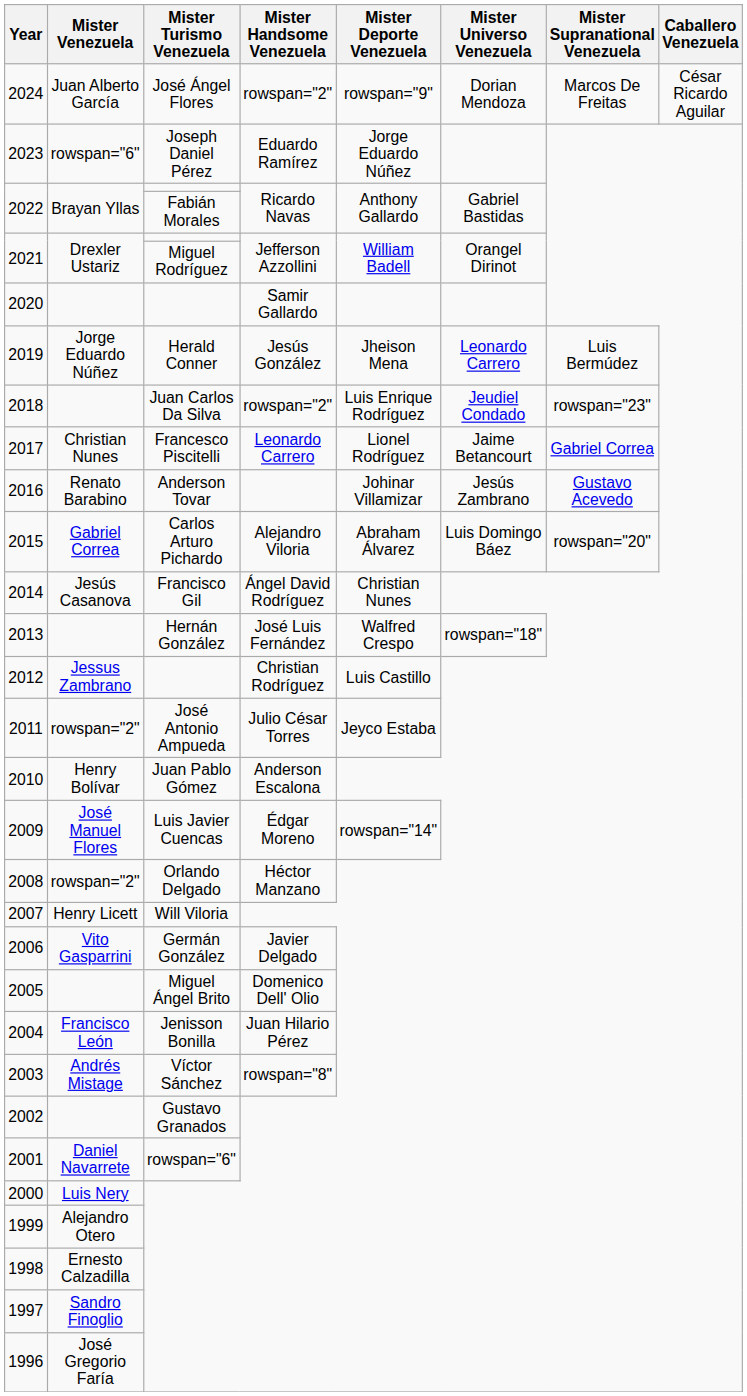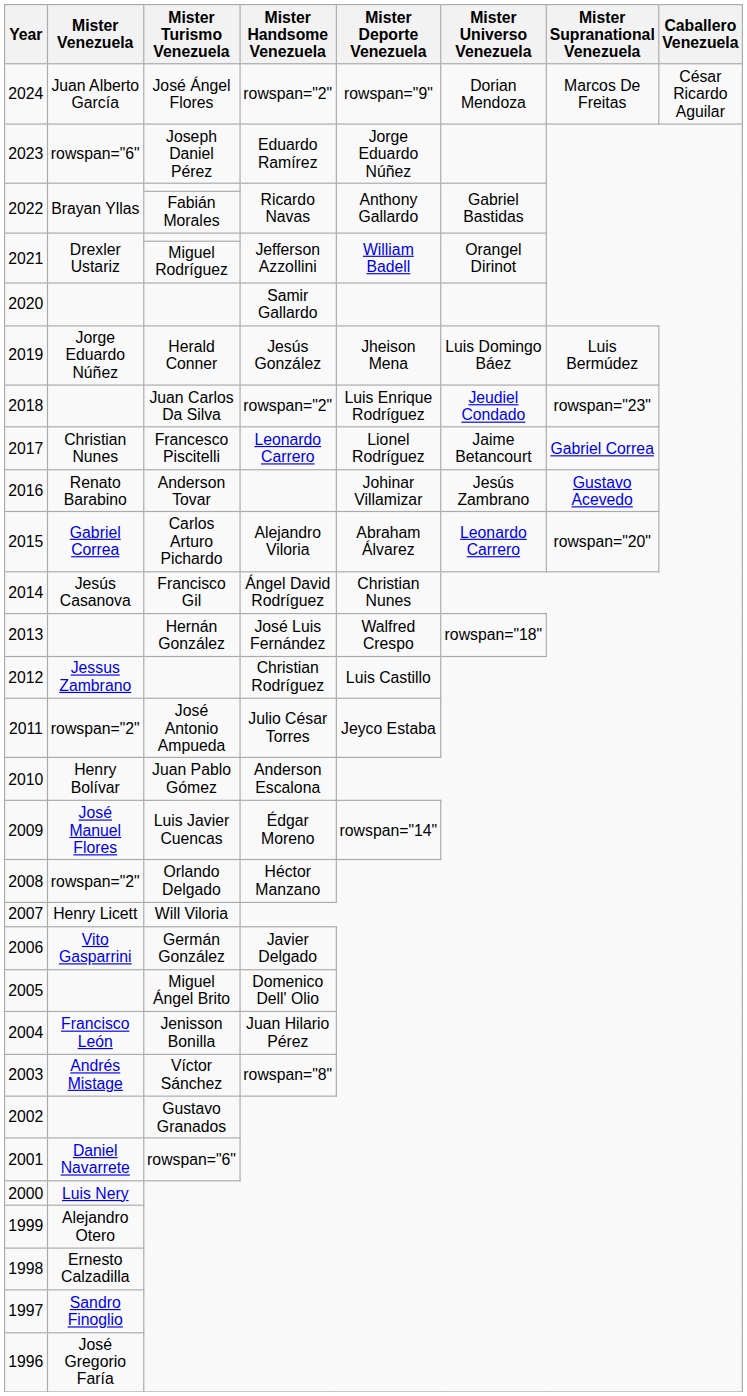 <table class="wikitable" style="font-size: 85%; text-align:center;" |>
 <tr>
 <th width="5%">Year</th>
 <th width="10%">Mister Venezuela<br></th>
 <th width="10%">Mister Turismo Venezuela<br></th>
 <th width="10%">Mister Handsome Venezuela<br></th>
 <th width="10%">Mister Deporte Venezuela<br></th>
 <th width="10%">Mister Universo Venezuela<br></th>
 <th width="10%">Mister Supranational Venezuela<br></th>
 <th width="10%">Caballero Venezuela<br></th>
 </tr>
 <tr>
 <td>2024</td>
 <td>Juan Alberto García<br></td>
 <td>José Ángel Flores<br></td>
 <td>rowspan="2" </td>
 <td>rowspan="9" </td>
 <td>Dorian Mendoza<br></td>
 <td>Marcos De Freitas<br></td>
 <td>César Ricardo Aguilar<br></td>
 </tr>
 <tr>
 <td>2023</td>
 <td>rowspan="6" </td>
 <td>Joseph Daniel Pérez<br></td>
 <td>Eduardo Ramírez<br></td>
 <td>Jorge Eduardo Núñez<br></td>
 <td></td>
 </tr>
 <tr>
 <td rowspan="2">2022</td>
 <td rowspan="2">Brayan Yllas<br></td>
 <td></td>
 <td rowspan="2">Ricardo Navas<br></td>
 <td rowspan="2">Anthony Gallardo<br></td>
 <td rowspan="2">Gabriel Bastidas<br></td>
 </tr>
 <tr>
 <td>Fabián Morales<br></td>
 </tr>
 <tr>
 <td rowspan="2">2021</td>
 <td rowspan="2">Drexler Ustariz<br></td>
 <td></td>
 <td rowspan="2">Jefferson Azzollini<br></td>
 <td rowspan="2"><a href='#'>William Badell</a><br></td>
 <td rowspan="2">Orangel Dirinot<br></td>
 </tr>
 <tr>
 <td>Miguel Rodríguez<br></td>
 </tr>
 <tr>
 <td>2020</td>
 <td></td>
 <td></td>
 <td>Samir Gallardo<br></td>
 <td></td>
 <td></td>
 </tr>
 <tr>
 <td>2019</td>
 <td>Jorge Eduardo Núñez<br></td>
 <td>Herald Conner<br></td>
 <td>Jesús González<br></td>
 <td>Jheison Mena<br></td>
-<td><a href='#'>Leonardo Carrero</a><br></td>
+<td>Luis Domingo Báez<br></td>
 <td>Luis Bermúdez<br></td>
 </tr>
 <tr>
 <td>2018</td>
 <td></td>
 <td>Juan Carlos Da Silva<br></td>
 <td>rowspan="2" </td>
 <td>Luis Enrique Rodríguez<br></td>
 <td><a href='#'>Jeudiel Condado</a><br></td>
 <td>rowspan="23" </td>
 </tr>
 <tr>
 <td>2017</td>
 <td>Christian Nunes<br></td>
 <td>Francesco Piscitelli<br></td>
 <td><a href='#'>Leonardo Carrero</a><br></td>
 <td>Lionel Rodríguez<br></td>
 <td>Jaime Betancourt<br></td>
 <td><a href='#'>Gabriel Correa</a><br></td>
 </tr>
 <tr>
 <td>2016</td>
 <td>Renato Barabino<br></td>
 <td>Anderson Tovar<br></td>
 <td></td>
 <td>Johinar Villamizar<br></td>
 <td>Jesús Zambrano<br></td>
 <td><a href='#'>Gustavo Acevedo</a><br></td>
 </tr>
 <tr>
 <td>2015</td>
 <td><a href='#'>Gabriel Correa</a><br></td>
 <td>Carlos Arturo Pichardo<br></td>
 <td>Alejandro Viloria<br></td>
 <td>Abraham Álvarez<br></td>
-<td>Luis Domingo Báez<br></td>
+<td><a href='#'>Leonardo Carrero</a><br></td>
 <td>rowspan="20" </td>
 </tr>
 <tr>
 <td>2014</td>
 <td>Jesús Casanova<br></td>
 <td>Francisco Gil<br></td>
 <td>Ángel David Rodríguez<br></td>
 <td>Christian Nunes<br></td>
 </tr>
 <tr>
 <td>2013</td>
 <td></td>
 <td>Hernán González<br></td>
 <td>José Luis Fernández<br></td>
 <td>Walfred Crespo<br></td>
 <td>rowspan="18" </td>
 </tr>
 <tr>
 <td>2012</td>
 <td><a href='#'>Jessus Zambrano</a><br></td>
 <td></td>
 <td>Christian Rodríguez<br></td>
 <td>Luis Castillo<br></td>
 </tr>
 <tr>
 <td>2011</td>
 <td>rowspan="2" </td>
 <td>José Antonio Ampueda<br></td>
 <td>Julio César Torres<br></td>
 <td>Jeyco Estaba<br></td>
 </tr>
 <tr>
 <td>2010</td>
 <td>Henry Bolívar<br></td>
 <td>Juan Pablo Gómez<br></td>
 <td>Anderson Escalona<br></td>
 </tr>
 <tr>
 <td>2009</td>
 <td><a href='#'>José Manuel Flores</a><br></td>
 <td>Luis Javier Cuencas<br></td>
 <td>Édgar Moreno<br></td>
 <td>rowspan="14" </td>
 </tr>
 <tr>
 <td>2008</td>
 <td>rowspan="2" </td>
 <td>Orlando Delgado<br></td>
 <td>Héctor Manzano<br></td>
 </tr>
 <tr>
 <td>2007</td>
 <td>Henry Licett<br></td>
 <td>Will Viloria<br></td>
 </tr>
 <tr>
 <td>2006</td>
 <td><a href='#'>Vito Gasparrini</a><br></td>
 <td>Germán González<br></td>
 <td>Javier Delgado<br></td>
 </tr>
 <tr>
 <td>2005</td>
 <td></td>
 <td>Miguel Ángel Brito<br></td>
 <td>Domenico Dell' Olio<br></td>
 </tr>
 <tr>
 <td>2004</td>
 <td><a href='#'>Francisco León</a><br></td>
 <td>Jenisson Bonilla<br></td>
 <td>Juan Hilario Pérez<br></td>
 </tr>
 <tr>
 <td>2003</td>
 <td><a href='#'>Andrés Mistage</a><br></td>
 <td>Víctor Sánchez<br></td>
 <td>rowspan="8" </td>
 </tr>
 <tr>
 <td>2002</td>
 <td></td>
 <td>Gustavo Granados<br></td>
 </tr>
 <tr>
 <td>2001</td>
 <td><a href='#'>Daniel Navarrete</a><br></td>
 <td>rowspan="6" </td>
 </tr>
 <tr>
 <td>2000</td>
 <td><a href='#'>Luis Nery</a><br></td>
 </tr>
 <tr>
 <td>1999</td>
 <td>Alejandro Otero<br></td>
 </tr>
 <tr>
 <td>1998</td>
 <td>Ernesto Calzadilla<br></td>
 </tr>
 <tr>
 <td>1997</td>
 <td><a href='#'>Sandro Finoglio</a><br></td>
 </tr>
 <tr>
 <td>1996</td>
 <td>José Gregorio Faría<br></td>
 </tr>
 </table>
